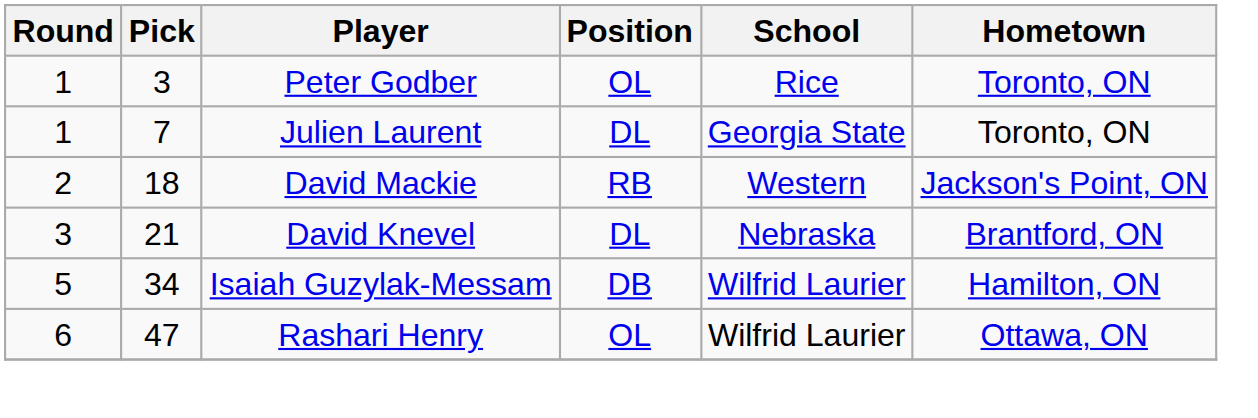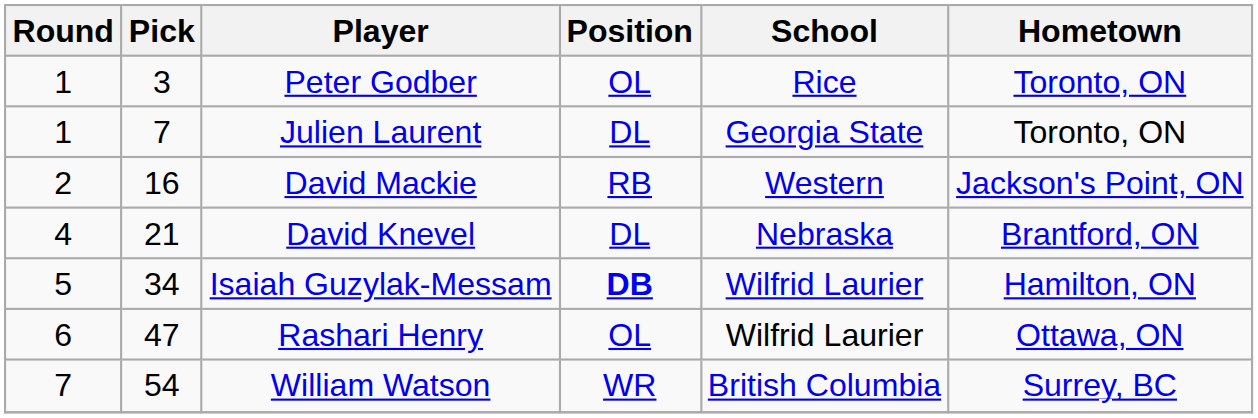 <table class="wikitable" style="font-size: 95%;">
 <tr>
 <th scope="col">Round</th>
 <th scope="col">Pick</th>
 <th scope="col">Player</th>
 <th scope="col">Position</th>
 <th scope="col">School</th>
 <th scope="col">Hometown</th>
 </tr>
 <tr align="center">
 <td align=center>1</td>
 <td>3</td>
 <td><a href='#'>Peter Godber</a></td>
 <td><a href='#'>OL</a></td>
 <td><a href='#'>Rice</a></td>
 <td><a href='#'>Toronto, ON</a></td>
 </tr>
 <tr align="center">
 <td align=center>1</td>
 <td>7</td>
 <td><a href='#'>Julien Laurent</a></td>
 <td><a href='#'>DL</a></td>
 <td><a href='#'>Georgia State</a></td>
 <td>Toronto, ON</td>
 </tr>
 <tr align="center">
 <td align=center>2</td>
-<td>18</td>
+<td>16</td>
 <td><a href='#'>David Mackie</a></td>
 <td><a href='#'>RB</a></td>
 <td><a href='#'>Western</a></td>
 <td><a href='#'>Jackson's Point, ON</a></td>
 </tr>
 <tr align="center">
-<td align=center>3</td>
+<td align=center>4</td>
 <td>21</td>
 <td><a href='#'>David Knevel</a></td>
 <td><a href='#'>DL</a></td>
 <td><a href='#'>Nebraska</a></td>
 <td><a href='#'>Brantford, ON</a></td>
 </tr>
 <tr align="center">
 <td align=center>5</td>
 <td>34</td>
 <td><a href='#'>Isaiah Guzylak-Messam</a></td>
-<td><a href='#'>DB</a></td>
+<td><strong><a href='#'>DB</a></strong></td>
 <td><a href='#'>Wilfrid Laurier</a></td>
 <td><a href='#'>Hamilton, ON</a></td>
 </tr>
 <tr align="center">
 <td align=center>6</td>
 <td>47</td>
 <td><a href='#'>Rashari Henry</a></td>
 <td><a href='#'>OL</a></td>
 <td>Wilfrid Laurier</td>
 <td><a href='#'>Ottawa, ON</a></td>
 </tr>
+<tr align="center">
+<td align=center>7</td>
+<td>54</td>
+<td><a href='#'>William Watson</a></td>
+<td><a href='#'>WR</a></td>
+<td><a href='#'>British Columbia</a></td>
+<td><a href='#'>Surrey, BC</a></td>
+</tr>
 <tr>
 </tr>
 </table>
